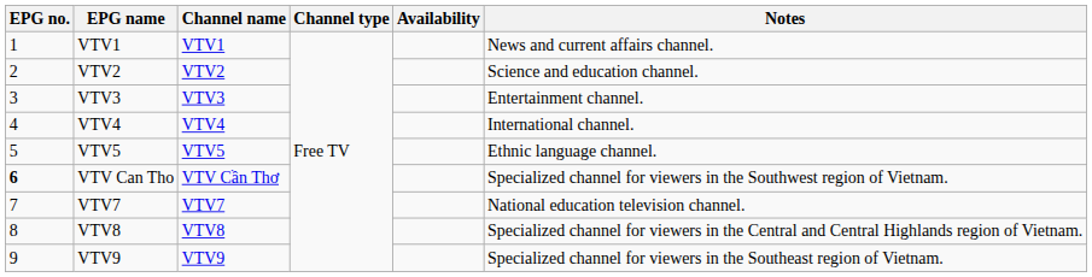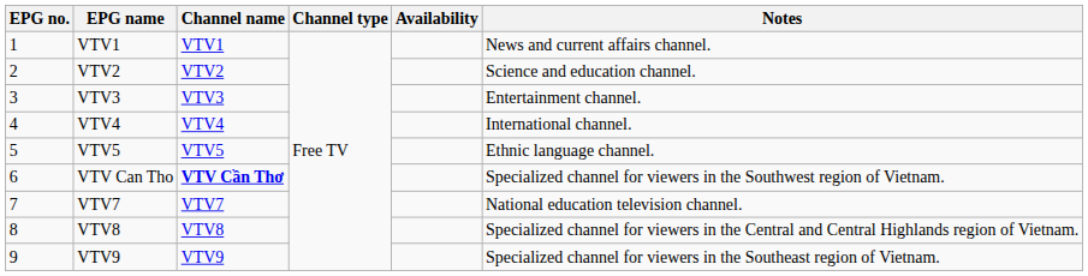 <table class="wikitable sortable">
 <tr>
 <th>EPG no.</th>
 <th>EPG name</th>
 <th>Channel name</th>
 <th>Channel type</th>
 <th>Availability</th>
 <th>Notes</th>
 </tr>
 <tr>
 <td>1</td>
 <td>VTV1</td>
 <td><a href='#'>VTV1</a></td>
 <td rowspan="9">Free TV</td>
 <td></td>
 <td>News and current affairs channel.</td>
 </tr>
 <tr>
 <td>2</td>
 <td>VTV2</td>
 <td><a href='#'>VTV2</a></td>
 <td></td>
 <td>Science and education channel.</td>
 </tr>
 <tr>
 <td>3</td>
 <td>VTV3</td>
 <td><a href='#'>VTV3</a></td>
 <td></td>
 <td>Entertainment channel.</td>
 </tr>
 <tr>
 <td>4</td>
 <td>VTV4</td>
 <td><a href='#'>VTV4</a></td>
 <td></td>
 <td>International channel.</td>
 </tr>
 <tr>
 <td>5</td>
 <td>VTV5</td>
 <td><a href='#'>VTV5</a></td>
 <td></td>
 <td>Ethnic language channel.</td>
 </tr>
 <tr>
-<td><strong>6</strong></td>
+<td>6</td>
 <td>VTV Can Tho</td>
-<td><a href='#'>VTV Cần Thơ</a></td>
+<td><strong><a href='#'>VTV Cần Thơ</a></strong></td>
 <td></td>
 <td>Specialized channel for viewers in the Southwest region of Vietnam.</td>
 </tr>
 <tr>
 <td>7</td>
 <td>VTV7</td>
 <td><a href='#'>VTV7</a></td>
 <td></td>
 <td>National education television channel.</td>
 </tr>
 <tr>
 <td>8</td>
 <td>VTV8</td>
 <td><a href='#'>VTV8</a></td>
 <td></td>
 <td>Specialized channel for viewers in the Central and Central Highlands region of Vietnam.</td>
 </tr>
 <tr>
 <td>9</td>
 <td>VTV9</td>
 <td><a href='#'>VTV9</a></td>
 <td></td>
 <td>Specialized channel for viewers in the Southeast region of Vietnam.</td>
 </tr>
 </table>
